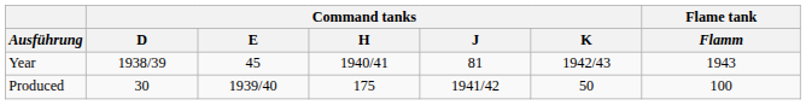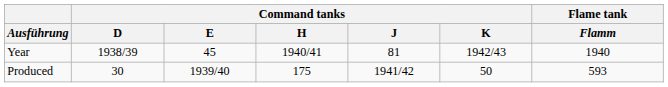 <table class="wikitable" style="text-align:center">
 <tr style="vertical-align:top; text-align:center">
 <th></th>
 <th colspan="5">Command tanks</th>
 <th>Flame tank</th>
 </tr>
 <tr style="vertical-align:top; text-align:center">
 <th style="width:10%; text-align:left;"><em>Ausführung</em></th>
 <th>D</th>
 <th>E</th>
 <th>H</th>
 <th>J</th>
 <th>K</th>
 <th><em>Flamm</em></th>
 </tr>
 <tr>
 <td style="text-align:left;">Year</td>
 <td>1938/39</td>
 <td>45</td>
 <td>1940/41</td>
 <td>81</td>
 <td>1942/43</td>
-<td>1943</td>
+<td>1940</td>
 </tr>
 <tr>
 <td style="text-align:left;">Produced</td>
 <td>30</td>
 <td>1939/40</td>
 <td>175</td>
 <td>1941/42</td>
 <td>50</td>
-<td>100</td>
+<td>593</td>
 </tr>
 </table>
